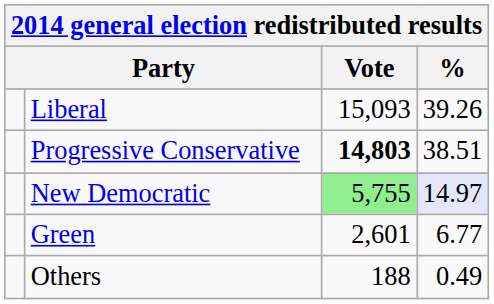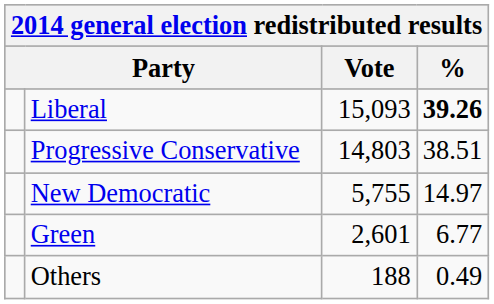 <table class="wikitable">
 <tr>
 <th colspan="4"><a href='#'>2014 general election</a> redistributed results</th>
 </tr>
 <tr>
 <th bgcolor="#DDDDFF" width="130px" colspan="2">Party</th>
 <th bgcolor="#DDDDFF" width="50px">Vote</th>
 <th bgcolor="#DDDDFF" width="30px">%</th>
 </tr>
 <tr>
 <td> </td>
 <td><a href='#'>Liberal</a></td>
 <td align=right>15,093</td>
-<td align=right>39.26</td>
+<td align=right><strong>39.26</strong></td>
 </tr>
 <tr>
 <td> </td>
 <td><a href='#'>Progressive Conservative</a></td>
-<td align=right><strong>14,803</strong></td>
+<td align=right>14,803</td>
 <td align=right>38.51</td>
 </tr>
 <tr>
 <td> </td>
 <td><a href='#'>New Democratic</a></td>
-<td align=right style="background: lightgreen;">5,755</td>
-<td align=right style="background: lavender;">14.97</td>
+<td align=right>5,755</td>
+<td align=right>14.97</td>
 </tr>
 <tr>
 <td> </td>
 <td><a href='#'>Green</a></td>
 <td align=right>2,601</td>
 <td align=right>6.77</td>
 </tr>
 <tr>
 <td> </td>
 <td>Others</td>
 <td align=right>188</td>
 <td align=right>0.49</td>
 </tr>
 </table>
